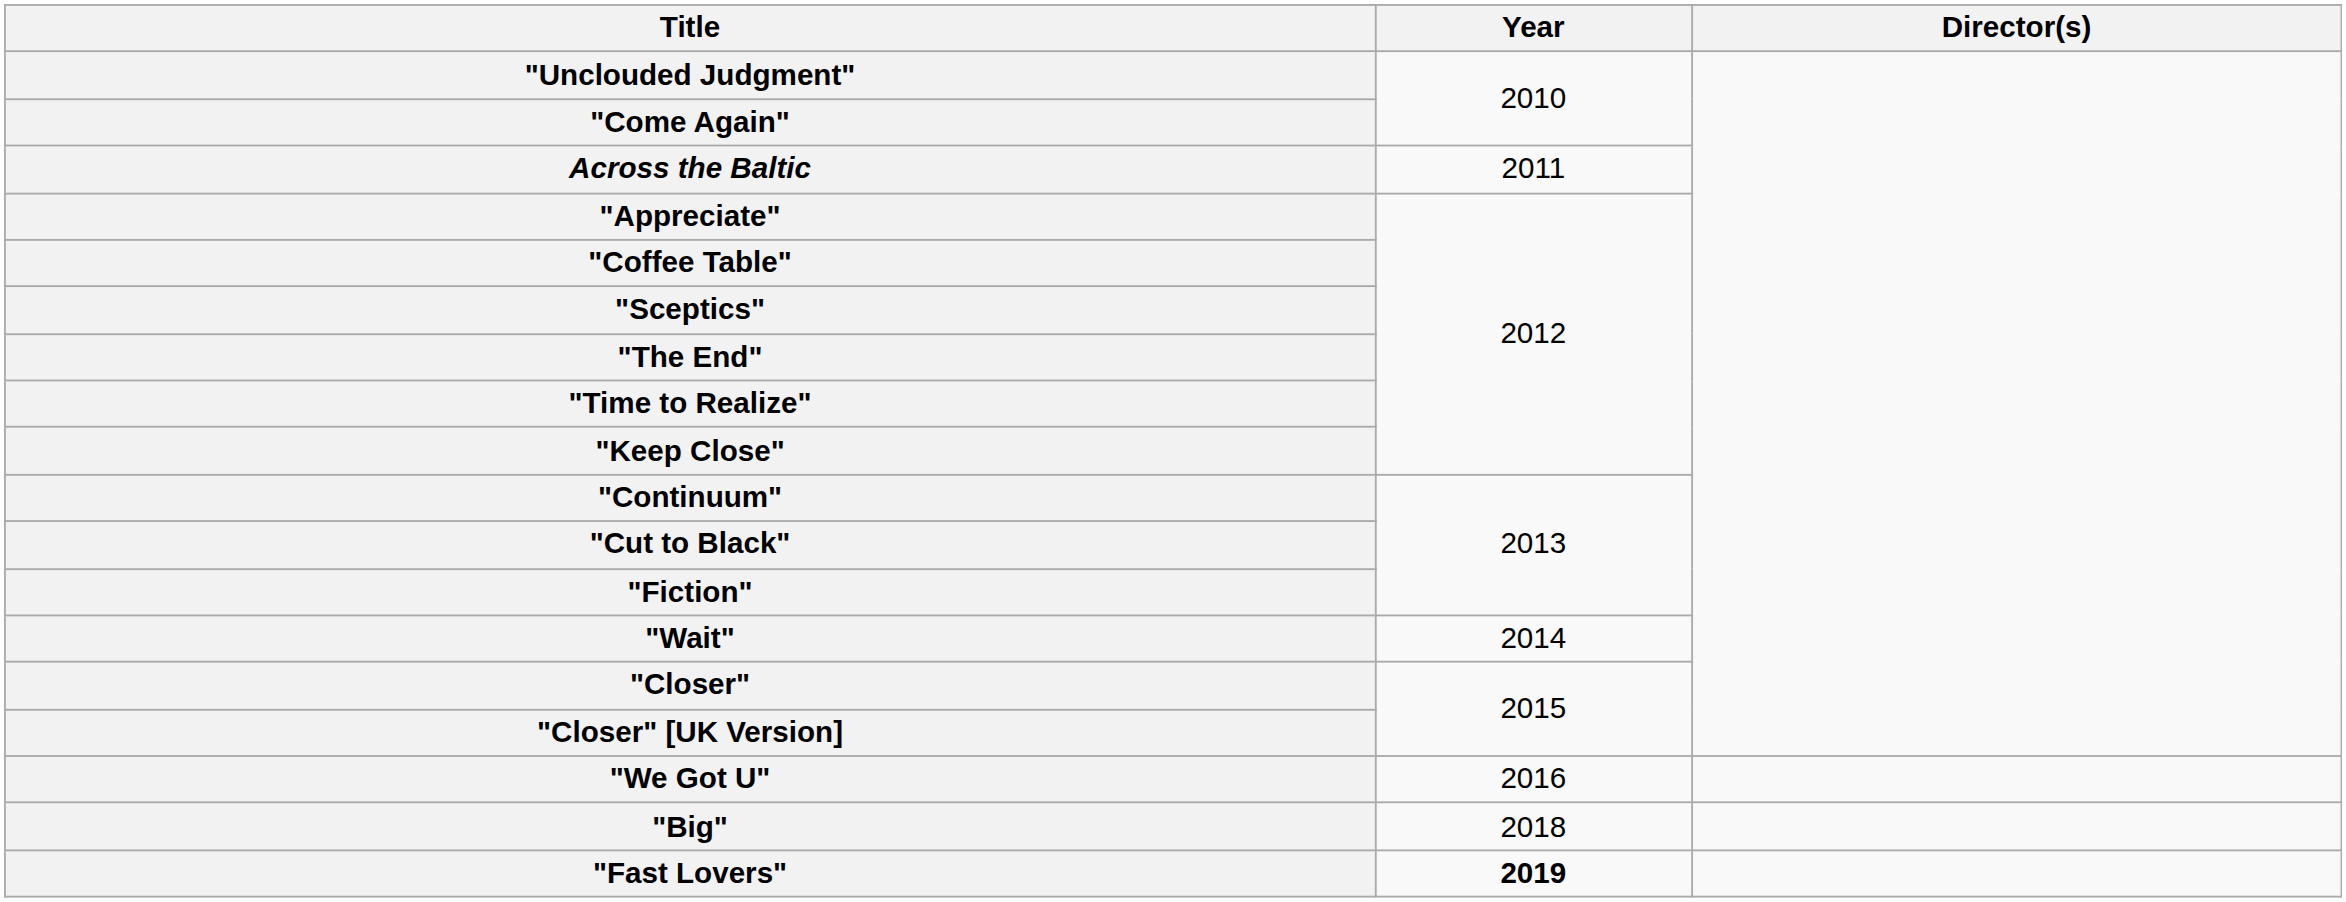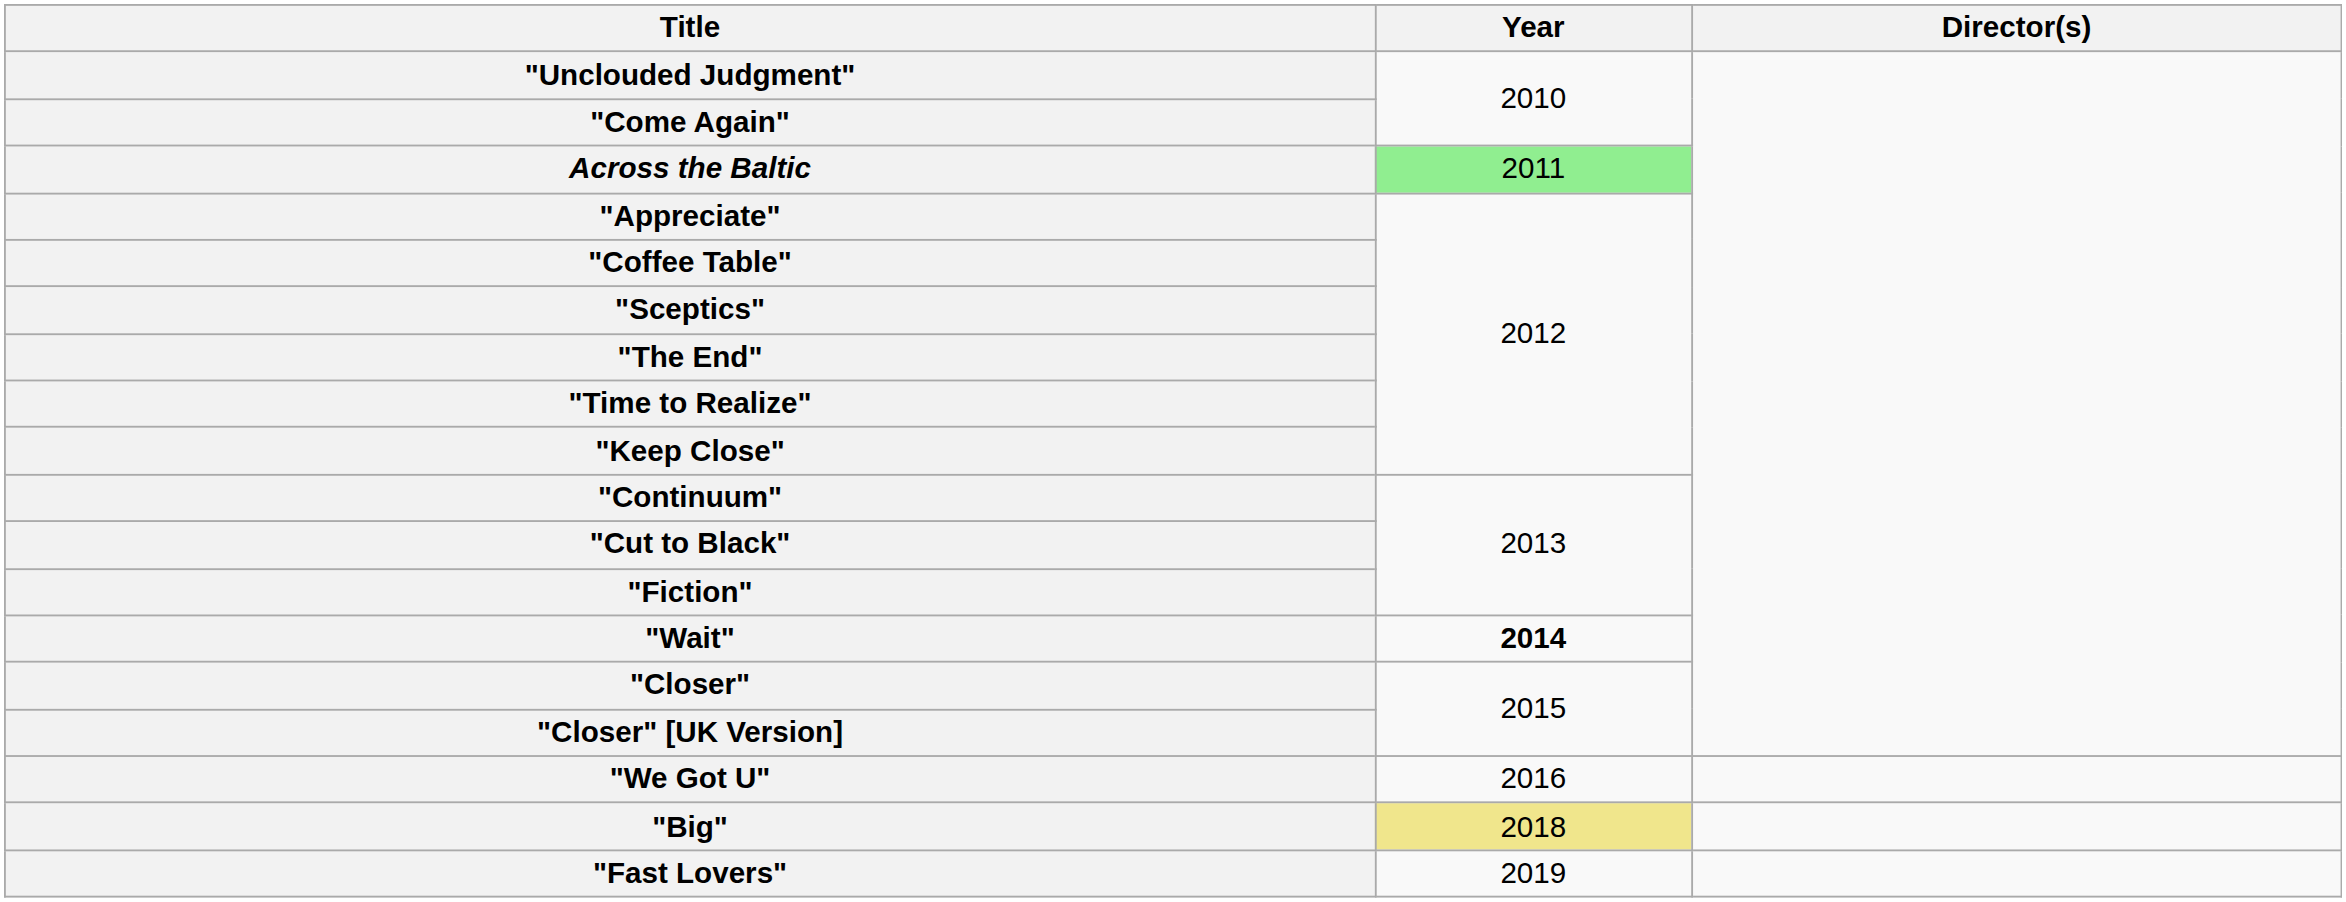 <table class="wikitable plainrowheaders"  style="width: 100%;">
 <tr>
 <th scope="col">Title</th>
 <th scope="col" style="text-align: center;">Year</th>
 <th scope="col">Director(s)</th>
 </tr>
 <tr>
 <th scope="row">"Unclouded Judgment"</th>
 <td rowspan="2" style="text-align: center;">2010</td>
 <td rowspan="15" style="text-align: center;"></td>
 </tr>
 <tr>
 <th scope="row">"Come Again"</th>
 </tr>
 <tr>
 <th scope="row"><em>Across the Baltic</em></th>
-<td rowspan="1" style="text-align: center;">2011</td>
+<td rowspan="1" style="background: lightgreen; text-align: center;">2011</td>
 </tr>
 <tr>
 <th scope="row">"Appreciate"</th>
 <td rowspan="6" style="text-align: center;">2012</td>
 </tr>
 <tr>
 <th scope="row">"Coffee Table"</th>
 </tr>
 <tr>
 <th scope="row">"Sceptics"</th>
 </tr>
 <tr>
 <th scope="row">"The End"</th>
 </tr>
 <tr>
 <th scope="row">"Time to Realize"</th>
 </tr>
 <tr>
 <th scope="row">"Keep Close"</th>
 </tr>
 <tr>
 <th scope="row">"Continuum"</th>
 <td rowspan="3" style="text-align: center;">2013</td>
 </tr>
 <tr>
 <th scope="row">"Cut to Black"</th>
 </tr>
 <tr>
 <th scope="row">"Fiction"</th>
 </tr>
 <tr>
 <th scope="row">"Wait"</th>
-<td rowspan="1" style="text-align: center;">2014</td>
+<td rowspan="1" style="text-align: center;"><strong>2014</strong></td>
 </tr>
 <tr>
 <th scope="row">"Closer"</th>
 <td rowspan="2" style="text-align: center;">2015</td>
 </tr>
 <tr>
 <th scope="row">"Closer" [UK Version]</th>
 </tr>
 <tr>
 <th scope="row">"We Got U"</th>
 <td rowspan="1" style="text-align: center;">2016</td>
 <td></td>
 </tr>
 <tr>
 <th scope="row">"Big"</th>
-<td rowspan="1" style="text-align: center;">2018</td>
+<td rowspan="1" style="background: khaki; text-align: center;">2018</td>
 <td></td>
 </tr>
 <tr>
 <th scope="row">"Fast Lovers"</th>
-<td rowspan="1" style="text-align: center;"><strong>2019</strong></td>
+<td rowspan="1" style="text-align: center;">2019</td>
 <td></td>
 </tr>
 </table>
